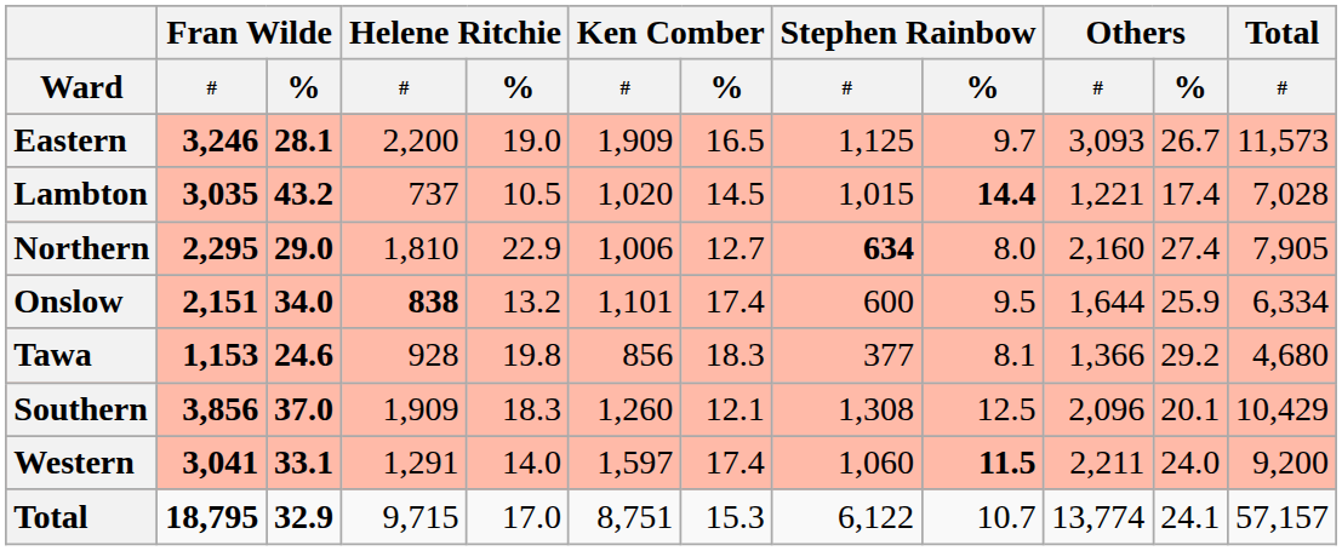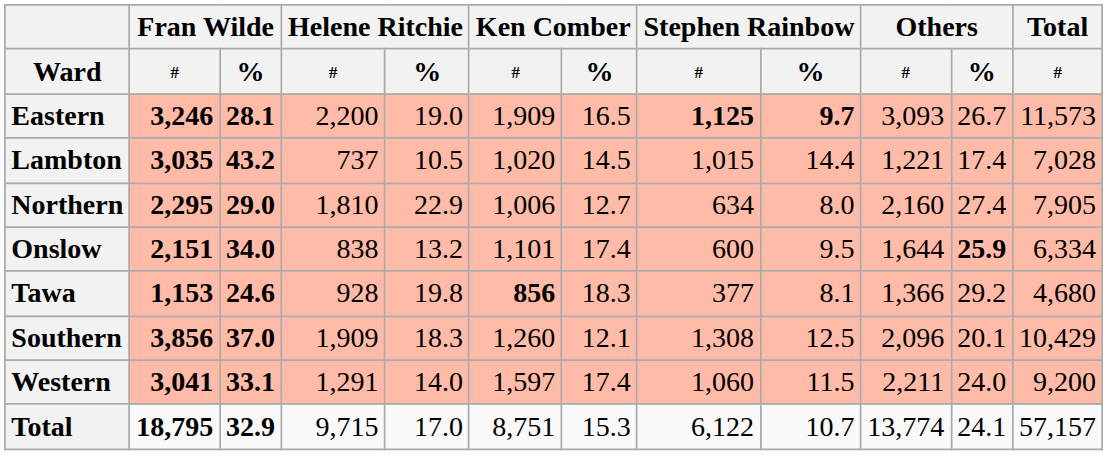 <table class="wikitable sortable" style="text-align:right;">
 <tr>
 <th></th>
 <th scope="col" align=center colspan=2>Fran Wilde</th>
 <th scope="col" align=center colspan=2>Helene Ritchie</th>
 <th scope="col" align=center colspan=2>Ken Comber</th>
 <th scope="col" align=center colspan=2>Stephen Rainbow</th>
 <th scope="col" align=center colspan=2>Others</th>
 <th scope="col" align=center colspan=2>Total</th>
 </tr>
 <tr>
 <th scope="col" align=center>Ward</th>
 <th scope="col" style="text-align:center; font-size: 60%" data-sort-type="number">#</th>
 <th scope="col" align=center data-sort-type="number">%</th>
 <th scope="col" style="text-align:center; font-size: 60%" data-sort-type="number">#</th>
 <th scope="col" align=center data-sort-type="number">%</th>
 <th scope="col" style="text-align:center; font-size: 60%" data-sort-type="number">#</th>
 <th scope="col" align=center data-sort-type="number">%</th>
 <th scope="col" style="text-align:center; font-size: 60%" data-sort-type="number">#</th>
 <th scope="col" align=center data-sort-type="number">%</th>
 <th scope="col" style="text-align:center; font-size: 60%" data-sort-type="number">#</th>
 <th scope="col" align=center data-sort-type="number">%</th>
 <th scope="col" style="text-align:center; font-size: 60%" data-sort-type="number">#</th>
 </tr>
 <tr bgcolor="#FFBAA8">
 <th scope="row" style="text-align:left;">Eastern</th>
 <td><strong>3,246</strong></td>
 <td><strong>28.1</strong></td>
 <td>2,200</td>
 <td>19.0</td>
 <td>1,909</td>
 <td>16.5</td>
-<td>1,125</td>
-<td>9.7</td>
+<td><strong>1,125</strong></td>
+<td><strong>9.7</strong></td>
 <td>3,093</td>
 <td>26.7</td>
 <td>11,573</td>
 </tr>
 <tr bgcolor="#FFBAA8">
 <th scope="row" style="text-align:left;">Lambton</th>
 <td><strong>3,035</strong></td>
 <td><strong>43.2</strong></td>
 <td>737</td>
 <td>10.5</td>
 <td>1,020</td>
 <td>14.5</td>
 <td>1,015</td>
-<td><strong>14.4</strong></td>
+<td>14.4</td>
 <td>1,221</td>
 <td>17.4</td>
 <td>7,028</td>
 </tr>
 <tr bgcolor="#FFBAA8">
 <th scope="row" style="text-align:left;">Northern</th>
 <td><strong>2,295</strong></td>
 <td><strong>29.0</strong></td>
 <td>1,810</td>
 <td>22.9</td>
 <td>1,006</td>
 <td>12.7</td>
-<td><strong>634</strong></td>
+<td>634</td>
 <td>8.0</td>
 <td>2,160</td>
 <td>27.4</td>
 <td>7,905</td>
 </tr>
 <tr bgcolor="#FFBAA8">
 <th scope="row" style="text-align:left;">Onslow</th>
 <td><strong>2,151</strong></td>
 <td><strong>34.0</strong></td>
-<td><strong>838</strong></td>
+<td>838</td>
 <td>13.2</td>
 <td>1,101</td>
 <td>17.4</td>
 <td>600</td>
 <td>9.5</td>
 <td>1,644</td>
-<td>25.9</td>
+<td><strong>25.9</strong></td>
 <td>6,334</td>
 </tr>
 <tr bgcolor="#FFBAA8">
 <th scope="row" style="text-align:left;">Tawa</th>
 <td><strong>1,153</strong></td>
 <td><strong>24.6</strong></td>
 <td>928</td>
 <td>19.8</td>
-<td>856</td>
+<td><strong>856</strong></td>
 <td>18.3</td>
 <td>377</td>
 <td>8.1</td>
 <td>1,366</td>
 <td>29.2</td>
 <td>4,680</td>
 </tr>
 <tr bgcolor="#FFBAA8">
 <th scope="row" style="text-align:left;">Southern</th>
 <td><strong>3,856</strong></td>
 <td><strong>37.0</strong></td>
 <td>1,909</td>
 <td>18.3</td>
 <td>1,260</td>
 <td>12.1</td>
 <td>1,308</td>
 <td>12.5</td>
 <td>2,096</td>
 <td>20.1</td>
 <td>10,429</td>
 </tr>
 <tr bgcolor="#FFBAA8">
 <th scope="row" style="text-align:left;">Western</th>
 <td><strong>3,041</strong></td>
 <td><strong>33.1</strong></td>
 <td>1,291</td>
 <td>14.0</td>
 <td>1,597</td>
 <td>17.4</td>
 <td>1,060</td>
-<td><strong>11.5</strong></td>
+<td>11.5</td>
 <td>2,211</td>
 <td>24.0</td>
 <td>9,200</td>
 </tr>
 <tr>
 <th scope="row" style="text-align:left;" data-sort-value="Z">Total</th>
 <td data-sort-value="Z"><strong>18,795</strong></td>
 <td><strong>32.9</strong></td>
 <td>9,715</td>
 <td>17.0</td>
 <td>8,751</td>
 <td>15.3</td>
 <td>6,122</td>
 <td>10.7</td>
 <td>13,774</td>
 <td>24.1</td>
 <td>57,157</td>
 </tr>
 </table>
